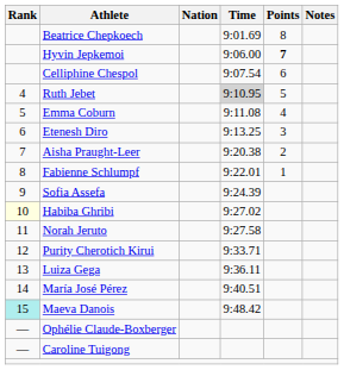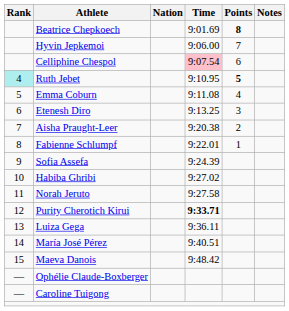 <table class="wikitable mw-datatable sortable" style="text-align:center;">
 <tr>
 <th>Rank</th>
 <th>Athlete</th>
 <th>Nation</th>
 <th>Time</th>
 <th>Points</th>
 <th>Notes</th>
 </tr>
 <tr>
 <td></td>
 <td align=left><a href='#'>Beatrice Chepkoech</a></td>
 <td align=left></td>
 <td>9:01.69</td>
-<td>8</td>
+<td><strong>8</strong></td>
 <td></td>
 </tr>
 <tr>
 <td></td>
 <td align=left><a href='#'>Hyvin Jepkemoi</a></td>
 <td align=left></td>
 <td>9:06.00</td>
-<td><strong>7</strong></td>
+<td>7</td>
 <td></td>
 </tr>
 <tr>
 <td></td>
 <td align=left><a href='#'>Celliphine Chespol</a></td>
 <td align=left></td>
-<td>9:07.54</td>
+<td style="background: pink;">9:07.54</td>
 <td>6</td>
 <td></td>
 </tr>
 <tr>
-<td>4</td>
+<td style="background: paleturquoise;">4</td>
 <td align=left><a href='#'>Ruth Jebet</a></td>
 <td align=left></td>
-<td style="background: lightgrey;">9:10.95</td>
-<td>5</td>
+<td>9:10.95</td>
+<td><strong>5</strong></td>
 <td></td>
 </tr>
 <tr>
 <td>5</td>
 <td align=left><a href='#'>Emma Coburn</a></td>
 <td align=left></td>
 <td>9:11.08</td>
 <td>4</td>
 <td></td>
 </tr>
 <tr>
 <td>6</td>
 <td align=left><a href='#'>Etenesh Diro</a></td>
 <td align=left></td>
 <td>9:13.25</td>
 <td>3</td>
 <td></td>
 </tr>
 <tr>
 <td>7</td>
 <td align=left><a href='#'>Aisha Praught-Leer</a></td>
 <td align=left></td>
 <td>9:20.38</td>
 <td>2</td>
 <td></td>
 </tr>
 <tr>
 <td>8</td>
 <td align=left><a href='#'>Fabienne Schlumpf</a></td>
 <td align=left></td>
 <td>9:22.01</td>
 <td>1</td>
 <td></td>
 </tr>
 <tr>
 <td>9</td>
 <td align=left><a href='#'>Sofia Assefa</a></td>
 <td align=left></td>
 <td>9:24.39</td>
 <td></td>
 <td></td>
 </tr>
 <tr>
-<td style="background: lightyellow;">10</td>
+<td>10</td>
 <td align=left><a href='#'>Habiba Ghribi</a></td>
 <td align=left></td>
 <td>9:27.02</td>
 <td></td>
 <td></td>
 </tr>
 <tr>
 <td>11</td>
 <td align=left><a href='#'>Norah Jeruto</a></td>
 <td align=left></td>
 <td>9:27.58</td>
 <td></td>
 <td></td>
 </tr>
 <tr>
 <td>12</td>
 <td align=left><a href='#'>Purity Cherotich Kirui</a></td>
 <td align=left></td>
-<td>9:33.71</td>
+<td><strong>9:33.71</strong></td>
 <td></td>
 <td></td>
 </tr>
 <tr>
 <td>13</td>
 <td align=left><a href='#'>Luiza Gega</a></td>
 <td align=left></td>
 <td>9:36.11</td>
 <td></td>
 <td></td>
 </tr>
 <tr>
 <td>14</td>
 <td align=left><a href='#'>María José Pérez</a></td>
 <td align=left></td>
 <td>9:40.51</td>
 <td></td>
 <td></td>
 </tr>
 <tr>
-<td style="background: paleturquoise;">15</td>
+<td>15</td>
 <td align=left><a href='#'>Maeva Danois</a></td>
 <td align=left></td>
 <td>9:48.42</td>
 <td></td>
 <td></td>
 </tr>
 <tr>
 <td>—</td>
 <td align=left><a href='#'>Ophélie Claude-Boxberger</a></td>
 <td align=left></td>
 <td></td>
 <td></td>
 <td></td>
 </tr>
 <tr>
 <td>—</td>
 <td align=left><a href='#'>Caroline Tuigong</a></td>
 <td align=left></td>
 <td></td>
 <td></td>
 <td></td>
 </tr>
 <tr class="sortbottom">
 <td colspan=6></td>
 </tr>
 </table>
